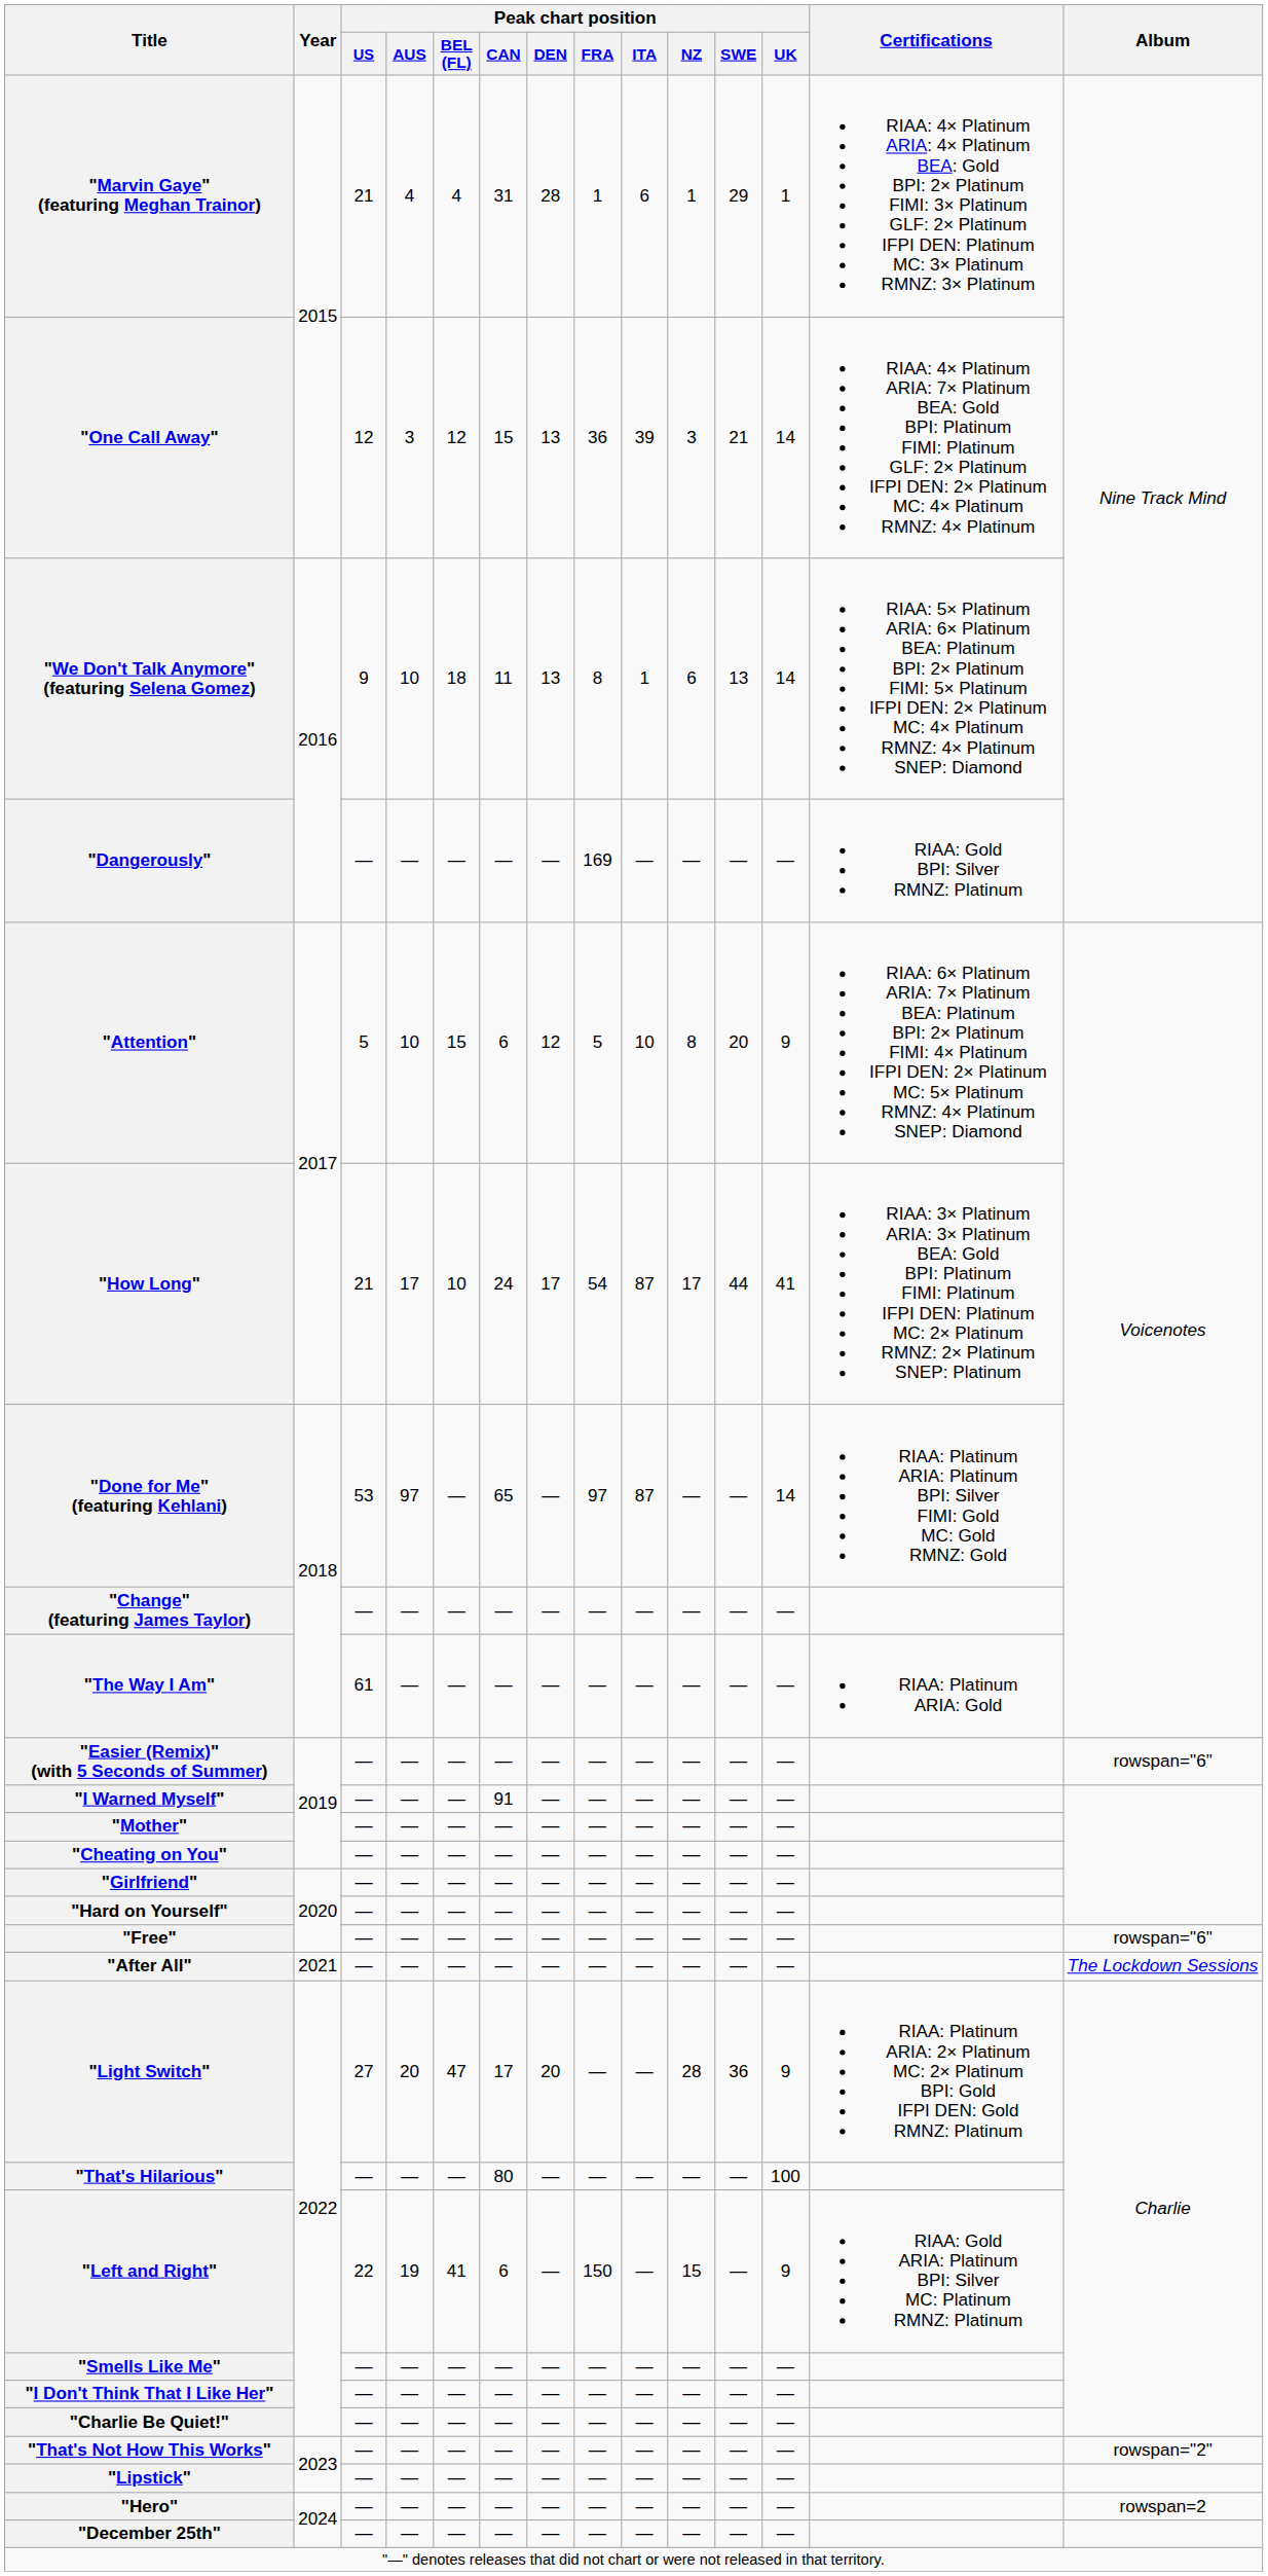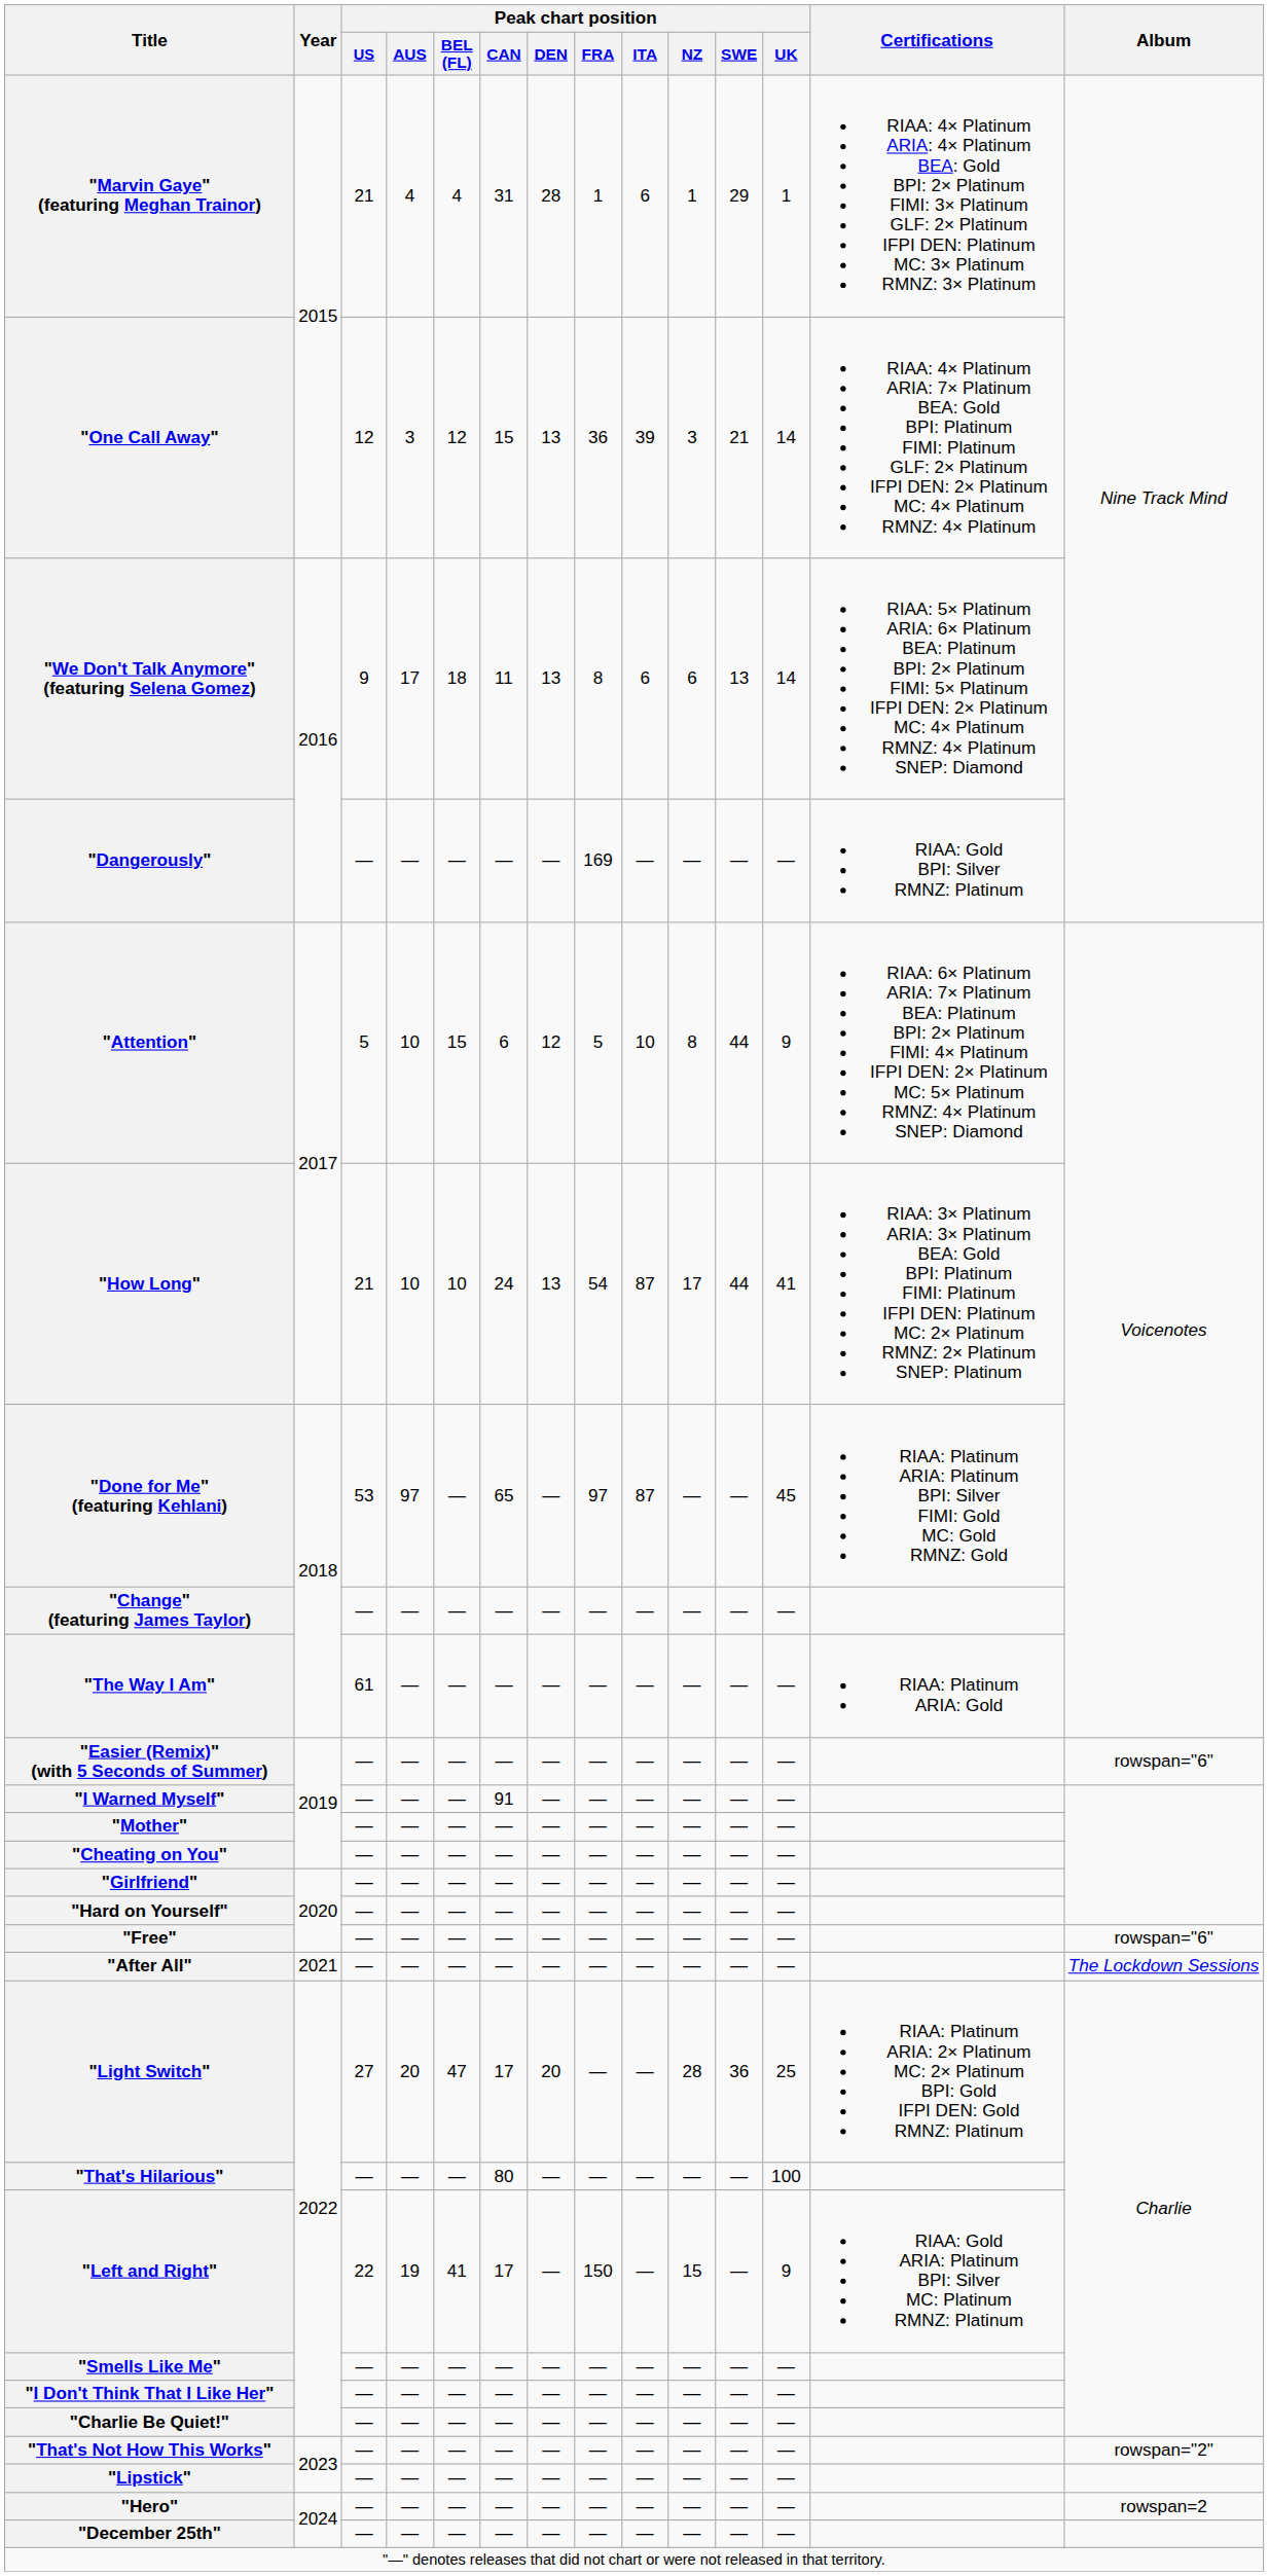 <table class="wikitable plainrowheaders" style="text-align:center;">
 <tr>
 <th scope="col" rowspan="2" style="width:16em;">Title</th>
 <th scope="col" rowspan="2">Year</th>
 <th scope="col" colspan="10">Peak chart position</th>
 <th scope="col" rowspan="2" style="width:14em;"><a href='#'>Certifications</a></th>
 <th scope="col" rowspan="2">Album</th>
 </tr>
 <tr>
 <th scope="col" style="width:2.5em;font-size:85%;"><a href='#'>US</a><br></th>
 <th scope="col" style="width:2.5em;font-size:90%;"><a href='#'>AUS</a><br></th>
 <th scope="col" style="width:2.5em;font-size:90%;"><a href='#'>BEL<br>(FL)</a><br></th>
 <th scope="col" style="width:2.5em;font-size:90%;"><a href='#'>CAN</a><br></th>
 <th scope="col" style="width:2.5em;font-size:90%;"><a href='#'>DEN</a><br></th>
 <th scope="col" style="width:2.5em;font-size:90%;"><a href='#'>FRA</a><br></th>
 <th scope="col" style="width:2.5em;font-size:90%;"><a href='#'>ITA</a><br></th>
 <th scope="col" style="width:2.5em;font-size:90%;"><a href='#'>NZ</a><br></th>
 <th scope="col" style="width:2.5em;font-size:90%;"><a href='#'>SWE</a><br></th>
 <th scope="col" style="width:2.5em;font-size:90%;"><a href='#'>UK</a><br></th>
 </tr>
 <tr>
 <th scope="row">"<a href='#'>Marvin Gaye</a>"<br><span>(featuring <a href='#'>Meghan Trainor</a>)</span></th>
 <td rowspan="2">2015</td>
 <td>21</td>
 <td>4</td>
 <td>4</td>
 <td>31</td>
 <td>28</td>
 <td>1</td>
 <td>6</td>
 <td>1</td>
 <td>29</td>
 <td>1</td>
 <td><br><ul><li>RIAA: 4× Platinum</li><li><a href='#'>ARIA</a>: 4× Platinum</li><li><a href='#'>BEA</a>: Gold</li><li>BPI: 2× Platinum</li><li>FIMI: 3× Platinum</li><li>GLF: 2× Platinum</li><li>IFPI DEN: Platinum</li><li>MC: 3× Platinum</li><li>RMNZ: 3× Platinum</li></ul></td>
 <td rowspan="4"><em>Nine Track Mind</em></td>
 </tr>
 <tr>
 <th scope="row">"<a href='#'>One Call Away</a>"</th>
 <td>12</td>
 <td>3</td>
 <td>12</td>
 <td>15</td>
 <td>13</td>
 <td>36</td>
 <td>39</td>
 <td>3</td>
 <td>21</td>
 <td>14</td>
 <td><br><ul><li>RIAA: 4× Platinum</li><li>ARIA: 7× Platinum</li><li>BEA: Gold</li><li>BPI: Platinum</li><li>FIMI: Platinum</li><li>GLF: 2× Platinum</li><li>IFPI DEN: 2× Platinum</li><li>MC: 4× Platinum</li><li>RMNZ: 4× Platinum</li></ul></td>
 </tr>
 <tr>
 <th scope="row">"<a href='#'>We Don't Talk Anymore</a>"<br><span>(featuring <a href='#'>Selena Gomez</a>)</span></th>
 <td rowspan="2">2016</td>
 <td>9</td>
-<td>10</td>
+<td>17</td>
 <td>18</td>
 <td>11</td>
 <td>13</td>
 <td>8</td>
-<td>1</td>
+<td>6</td>
 <td>6</td>
 <td>13</td>
 <td>14</td>
 <td><br><ul><li>RIAA: 5× Platinum</li><li>ARIA: 6× Platinum</li><li>BEA: Platinum</li><li>BPI: 2× Platinum</li><li>FIMI: 5× Platinum</li><li>IFPI DEN: 2× Platinum</li><li>MC: 4× Platinum</li><li>RMNZ: 4× Platinum</li><li>SNEP: Diamond</li></ul></td>
 </tr>
 <tr>
 <th scope="row">"<a href='#'>Dangerously</a>"</th>
 <td>—</td>
 <td>—</td>
 <td>—</td>
 <td>—</td>
 <td>—</td>
 <td>169</td>
 <td>—</td>
 <td>—</td>
 <td>—</td>
 <td>—</td>
 <td><br><ul><li>RIAA: Gold</li><li>BPI: Silver</li><li>RMNZ: Platinum</li></ul></td>
 </tr>
 <tr>
 <th scope="row">"<a href='#'>Attention</a>"</th>
 <td rowspan="2">2017</td>
 <td>5</td>
 <td>10</td>
 <td>15</td>
 <td>6</td>
 <td>12</td>
 <td>5</td>
 <td>10</td>
 <td>8</td>
-<td>20</td>
+<td>44</td>
 <td>9</td>
 <td><br><ul><li>RIAA: 6× Platinum</li><li>ARIA: 7× Platinum</li><li>BEA: Platinum</li><li>BPI: 2× Platinum</li><li>FIMI: 4× Platinum</li><li>IFPI DEN: 2× Platinum</li><li>MC: 5× Platinum</li><li>RMNZ: 4× Platinum</li><li>SNEP: Diamond</li></ul></td>
 <td rowspan="5"><em>Voicenotes</em></td>
 </tr>
 <tr>
 <th scope="row">"<a href='#'>How Long</a>"</th>
 <td>21</td>
-<td>17</td>
+<td>10</td>
 <td>10</td>
 <td>24</td>
-<td>17</td>
+<td>13</td>
 <td>54</td>
 <td>87</td>
 <td>17</td>
 <td>44</td>
 <td>41</td>
 <td><br><ul><li>RIAA: 3× Platinum</li><li>ARIA: 3× Platinum</li><li>BEA: Gold</li><li>BPI: Platinum</li><li>FIMI: Platinum</li><li>IFPI DEN: Platinum</li><li>MC: 2× Platinum</li><li>RMNZ: 2× Platinum</li><li>SNEP: Platinum</li></ul></td>
 </tr>
 <tr>
 <th scope="row">"<a href='#'>Done for Me</a>"<br><span>(featuring <a href='#'>Kehlani</a>)</span></th>
 <td rowspan="3">2018</td>
 <td>53</td>
 <td>97</td>
 <td>—</td>
 <td>65</td>
 <td>—</td>
 <td>97</td>
 <td>87</td>
 <td>—</td>
 <td>—</td>
-<td>14</td>
+<td>45</td>
 <td><br><ul><li>RIAA: Platinum</li><li>ARIA: Platinum</li><li>BPI: Silver</li><li>FIMI: Gold</li><li>MC: Gold</li><li>RMNZ: Gold</li></ul></td>
 </tr>
 <tr>
 <th scope="row">"<a href='#'>Change</a>"<br><span>(featuring <a href='#'>James Taylor</a>)</span></th>
 <td>—</td>
 <td>—</td>
 <td>—</td>
 <td>—</td>
 <td>—</td>
 <td>—</td>
 <td>—</td>
 <td>—</td>
 <td>—</td>
 <td>—</td>
 <td></td>
 </tr>
 <tr>
 <th scope="row">"<a href='#'>The Way I Am</a>"</th>
 <td>61</td>
 <td>—</td>
 <td>—</td>
 <td>—</td>
 <td>—</td>
 <td>—</td>
 <td>—</td>
 <td>—</td>
 <td>—</td>
 <td>—</td>
 <td><br><ul><li>RIAA: Platinum</li><li>ARIA: Gold</li></ul></td>
 </tr>
 <tr>
 <th scope="row">"<a href='#'>Easier (Remix)</a>" <br><span> (with <a href='#'>5 Seconds of Summer</a>)</span></th>
 <td rowspan="4">2019</td>
 <td>—</td>
 <td>—</td>
 <td>—</td>
 <td>—</td>
 <td>—</td>
 <td>—</td>
 <td>—</td>
 <td>—</td>
 <td>—</td>
 <td>—</td>
 <td></td>
 <td>rowspan="6" </td>
 </tr>
 <tr>
 <th scope="row">"<a href='#'>I Warned Myself</a>"</th>
 <td>—</td>
 <td>—</td>
 <td>—</td>
 <td>91</td>
 <td>—</td>
 <td>—</td>
 <td>—</td>
 <td>—</td>
 <td>—</td>
 <td>—</td>
 <td></td>
 </tr>
 <tr>
 <th scope="row">"<a href='#'>Mother</a>"</th>
 <td>—</td>
 <td>—</td>
 <td>—</td>
 <td>—</td>
 <td>—</td>
 <td>—</td>
 <td>—</td>
 <td>—</td>
 <td>—</td>
 <td>—</td>
 <td></td>
 </tr>
 <tr>
 <th scope="row">"<a href='#'>Cheating on You</a>"</th>
 <td>—</td>
 <td>—</td>
 <td>—</td>
 <td>—</td>
 <td>—</td>
 <td>—</td>
 <td>—</td>
 <td>—</td>
 <td>—</td>
 <td>—</td>
 <td></td>
 </tr>
 <tr>
 <th scope="row">"<a href='#'>Girlfriend</a>"</th>
 <td rowspan="3">2020</td>
 <td>—</td>
 <td>—</td>
 <td>—</td>
 <td>—</td>
 <td>—</td>
 <td>—</td>
 <td>—</td>
 <td>—</td>
 <td>—</td>
 <td>—</td>
 <td></td>
 </tr>
 <tr>
 <th scope="row">"Hard on Yourself"<br></th>
 <td>—</td>
 <td>—</td>
 <td>—</td>
 <td>—</td>
 <td>—</td>
 <td>—</td>
 <td>—</td>
 <td>—</td>
 <td>—</td>
 <td>—</td>
 <td></td>
 </tr>
 <tr>
 <th scope="row">"Free"</th>
 <td>—</td>
 <td>—</td>
 <td>—</td>
 <td>—</td>
 <td>—</td>
 <td>—</td>
 <td>—</td>
 <td>—</td>
 <td>—</td>
 <td>—</td>
 <td></td>
 <td>rowspan="6" </td>
 </tr>
 <tr>
 <th scope="row">"After All"<br></th>
 <td>2021</td>
 <td>—</td>
 <td>—</td>
 <td>—</td>
 <td>—</td>
 <td>—</td>
 <td>—</td>
 <td>—</td>
 <td>—</td>
 <td>—</td>
 <td>—</td>
 <td></td>
 <td><em><a href='#'>The Lockdown Sessions</a></em></td>
 </tr>
 <tr>
 <th scope="row">"<a href='#'>Light Switch</a>"</th>
 <td rowspan="6">2022</td>
 <td>27</td>
 <td>20</td>
 <td>47</td>
 <td>17</td>
 <td>20</td>
 <td>—</td>
 <td>—</td>
 <td>28</td>
 <td>36</td>
-<td>9</td>
+<td>25</td>
 <td><br><ul><li>RIAA: Platinum</li><li>ARIA: 2× Platinum</li><li>MC: 2× Platinum</li><li>BPI: Gold</li><li>IFPI DEN: Gold</li><li>RMNZ: Platinum</li></ul></td>
 <td rowspan="6"><em>Charlie</em></td>
 </tr>
 <tr>
 <th scope="row">"<a href='#'>That's Hilarious</a>"</th>
 <td>—</td>
 <td>—</td>
 <td>—</td>
 <td>80</td>
 <td>—</td>
 <td>—</td>
 <td>—</td>
 <td>—</td>
 <td>—</td>
 <td>100</td>
 <td></td>
 </tr>
 <tr>
 <th scope="row">"<a href='#'>Left and Right</a>"<br></th>
 <td>22</td>
 <td>19</td>
 <td>41</td>
-<td>6</td>
+<td>17</td>
 <td>—</td>
 <td>150</td>
 <td>—</td>
 <td>15</td>
 <td>—</td>
 <td>9</td>
 <td><br><ul><li>RIAA: Gold</li><li>ARIA: Platinum</li><li>BPI: Silver</li><li>MC: Platinum</li><li>RMNZ: Platinum</li></ul></td>
 </tr>
 <tr>
 <th scope="row">"<a href='#'>Smells Like Me</a>"</th>
 <td>—</td>
 <td>—</td>
 <td>—</td>
 <td>—</td>
 <td>—</td>
 <td>—</td>
 <td>—</td>
 <td>—</td>
 <td>—</td>
 <td>—</td>
 <td></td>
 </tr>
 <tr>
 <th scope="row">"<a href='#'>I Don't Think That I Like Her</a>"</th>
 <td>—</td>
 <td>—</td>
 <td>—</td>
 <td>—</td>
 <td>—</td>
 <td>—</td>
 <td>—</td>
 <td>—</td>
 <td>—</td>
 <td>—</td>
 <td></td>
 </tr>
 <tr>
 <th scope="row">"Charlie Be Quiet!"</th>
 <td>—</td>
 <td>—</td>
 <td>—</td>
 <td>—</td>
 <td>—</td>
 <td>—</td>
 <td>—</td>
 <td>—</td>
 <td>—</td>
 <td>—</td>
 <td></td>
 </tr>
 <tr>
 <th scope="row">"<a href='#'>That's Not How This Works</a>"<br></th>
 <td rowspan=2>2023</td>
 <td>—</td>
 <td>—</td>
 <td>—</td>
 <td>—</td>
 <td>—</td>
 <td>—</td>
 <td>—</td>
 <td>—</td>
 <td>—</td>
 <td>—</td>
 <td></td>
 <td>rowspan="2" </td>
 </tr>
 <tr>
 <th scope="row">"<a href='#'>Lipstick</a>"</th>
 <td>—</td>
 <td>—</td>
 <td>—</td>
 <td>—</td>
 <td>—</td>
 <td>—</td>
 <td>—</td>
 <td>—</td>
 <td>—</td>
 <td>—</td>
 <td></td>
 </tr>
 <tr>
 <th scope="row">"Hero"</th>
 <td rowspan=2>2024</td>
 <td>—</td>
 <td>—</td>
 <td>—</td>
 <td>—</td>
 <td>—</td>
 <td>—</td>
 <td>—</td>
 <td>—</td>
 <td>—</td>
 <td>—</td>
 <td></td>
 <td>rowspan=2 </td>
 </tr>
 <tr>
 <th scope="row">"December 25th"</th>
 <td>—</td>
 <td>—</td>
 <td>—</td>
 <td>—</td>
 <td>—</td>
 <td>—</td>
 <td>—</td>
 <td>—</td>
 <td>—</td>
 <td>—</td>
 <td></td>
 </tr>
 <tr>
 <td colspan="15" style="font-size:85%">"—" denotes releases that did not chart or were not released in that territory.</td>
 </tr>
 </table>
